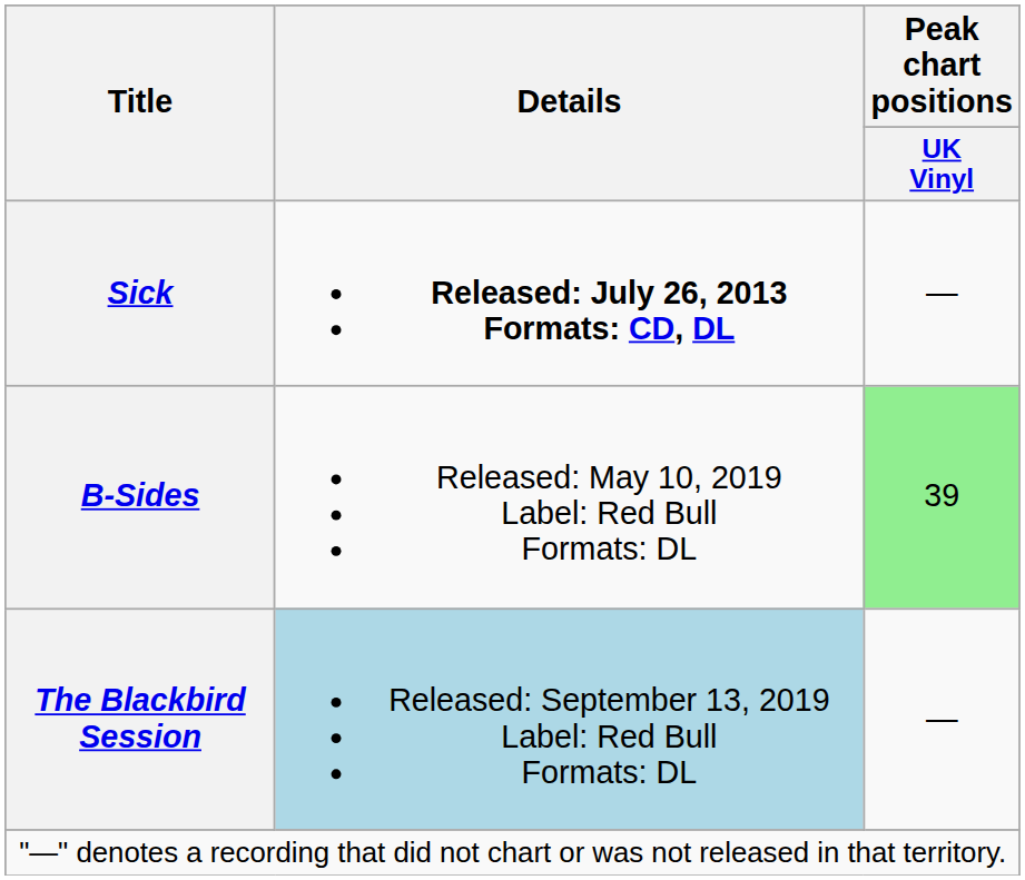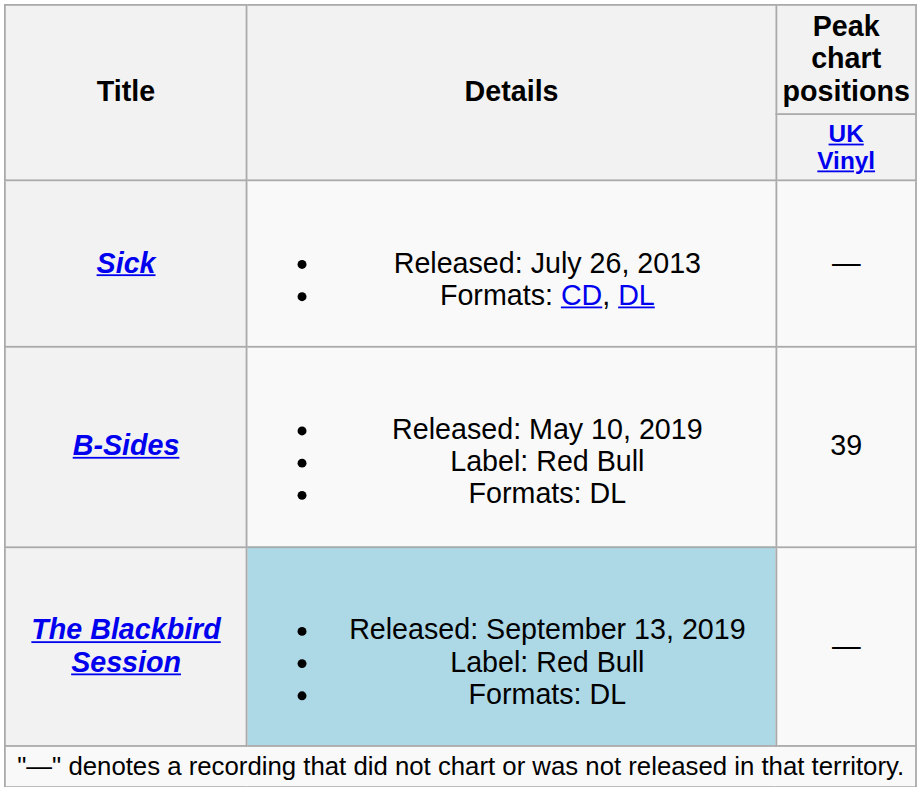 <table class="wikitable plainrowheaders" style="text-align:center;">
 <tr>
 <th scope="col" rowspan="2" style="width:8em;">Title</th>
 <th scope="col" rowspan="2" style="width:18em;">Details</th>
 <th scope="col">Peak chart positions</th>
 </tr>
 <tr>
 <th style="width:3em;font-size:85%;"><a href='#'>UK<br>Vinyl</a><br></th>
 </tr>
 <tr>
 <th scope="row"><em><a href='#'>Sick</a></em></th>
-<td><strong><br><ul><li>Released: July 26, 2013</li><li>Formats: <a href='#'>CD</a>, <a href='#'>DL</a></li></ul></strong></td>
+<td><br><ul><li>Released: July 26, 2013</li><li>Formats: <a href='#'>CD</a>, <a href='#'>DL</a></li></ul></td>
 <td>—</td>
 </tr>
 <tr>
 <th scope="row"><em><a href='#'>B-Sides</a></em></th>
 <td><br><ul><li>Released: May 10, 2019</li><li>Label: Red Bull</li><li>Formats: DL</li></ul></td>
-<td style="background: lightgreen;">39</td>
+<td>39</td>
 </tr>
 <tr>
 <th scope="row"><em><a href='#'>The Blackbird Session</a></em></th>
 <td style="background: lightblue;"><br><ul><li>Released: September 13, 2019</li><li>Label: Red Bull</li><li>Formats: DL</li></ul></td>
 <td>—</td>
 </tr>
 <tr>
 <td colspan="6" style="font-size:90%">"—" denotes a recording that did not chart or was not released in that territory.</td>
 </tr>
 </table>
